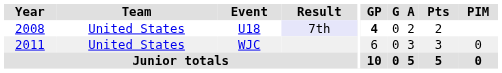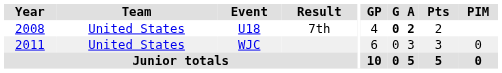 <table border="0" cellpadding="1" cellspacing="0" ID="Table3" style="text-align:center; width:40em">
 <tr bgcolor="#e0e0e0">
 <th>Year</th>
 <th>Team</th>
 <th>Event</th>
 <th>Result</th>
 <th rowspan="99" bgcolor="#ffffff"></th>
 <th>GP</th>
 <th>G</th>
 <th>A</th>
 <th>Pts</th>
 <th>PIM</th>
 </tr>
 <tr>
 <td><a href='#'>2008</a></td>
 <td><a href='#'>United States</a></td>
 <td><a href='#'>U18</a></td>
-<td style="background: lavender;">7th</td>
-<td><strong>4</strong></td>
-<td>0</td>
-<td>2</td>
+<td>7th</td>
+<td>4</td>
+<td><strong>0</strong></td>
+<td><strong>2</strong></td>
 <td>2</td>
 <td></td>
 </tr>
 <tr bgcolor="#f0f0f0">
 <td><a href='#'>2011</a></td>
 <td><a href='#'>United States</a></td>
 <td><a href='#'>WJC</a></td>
 <td></td>
 <td>6</td>
 <td>0</td>
 <td>3</td>
 <td>3</td>
 <td>0</td>
 </tr>
 <tr bgcolor="#e0e0e0">
 <th colspan="4">Junior totals</th>
 <th>10</th>
 <th>0</th>
 <th>5</th>
 <th>5</th>
 <th>0</th>
 </tr>
 </table>
